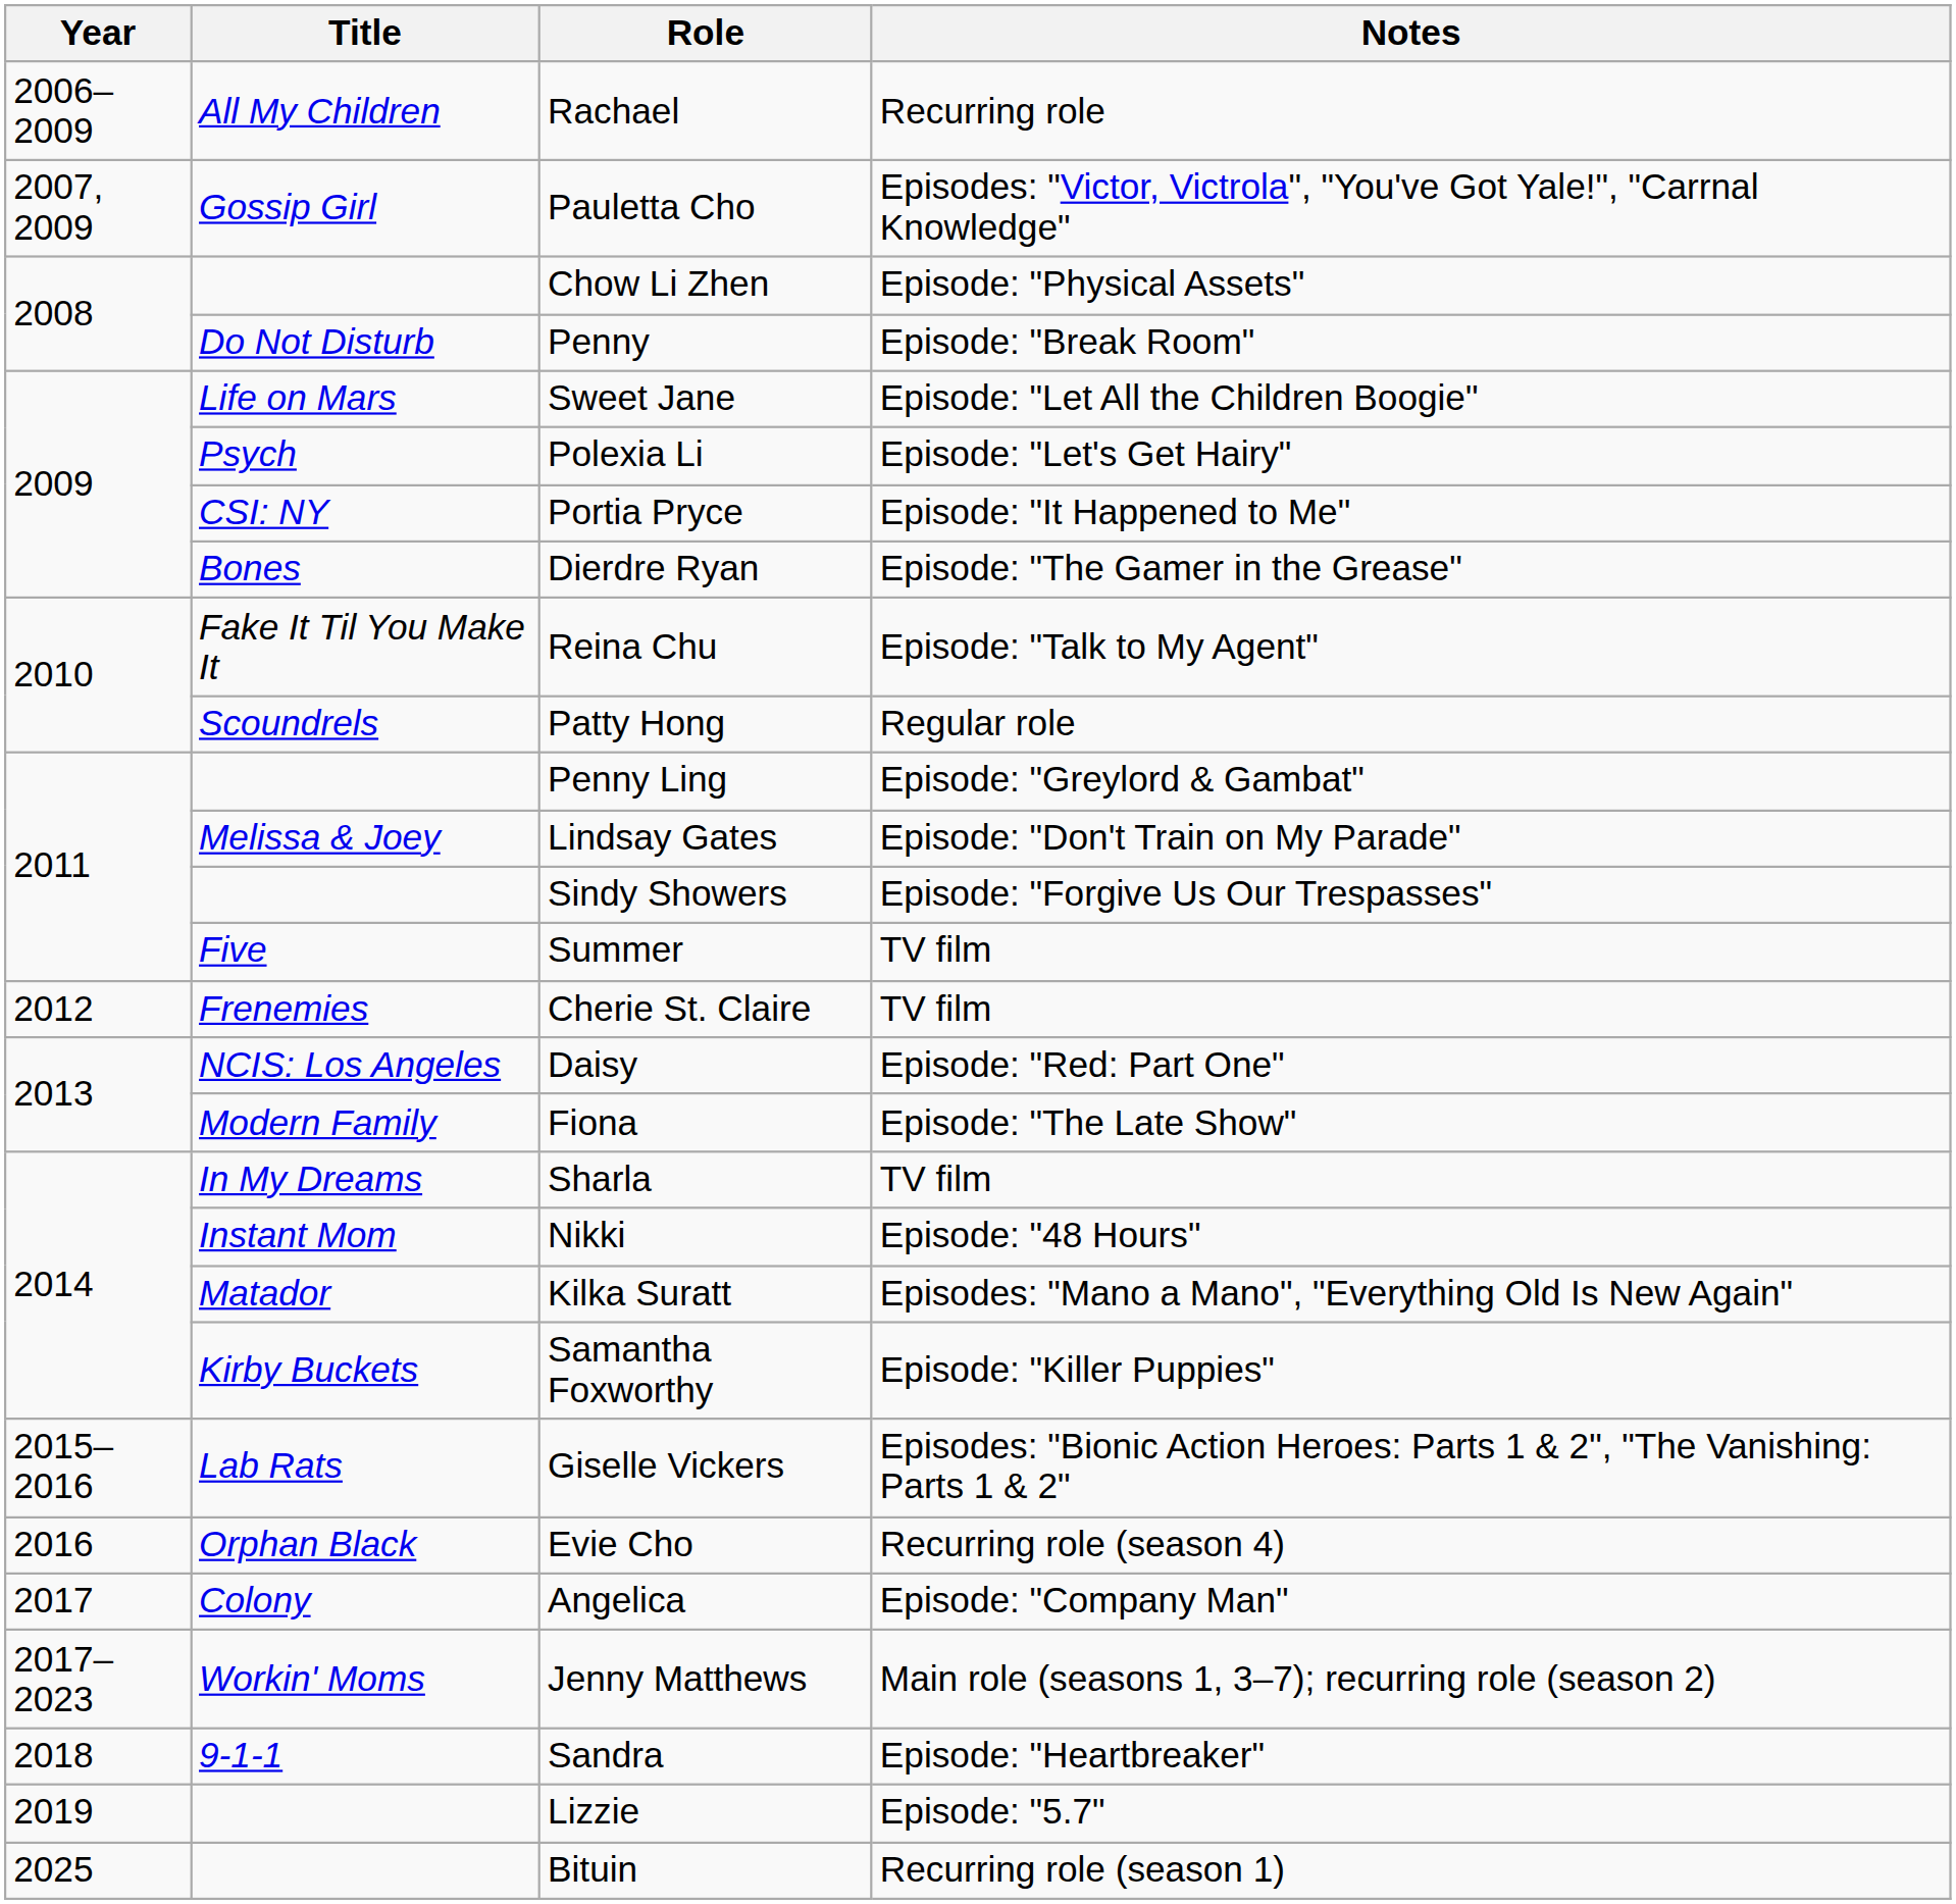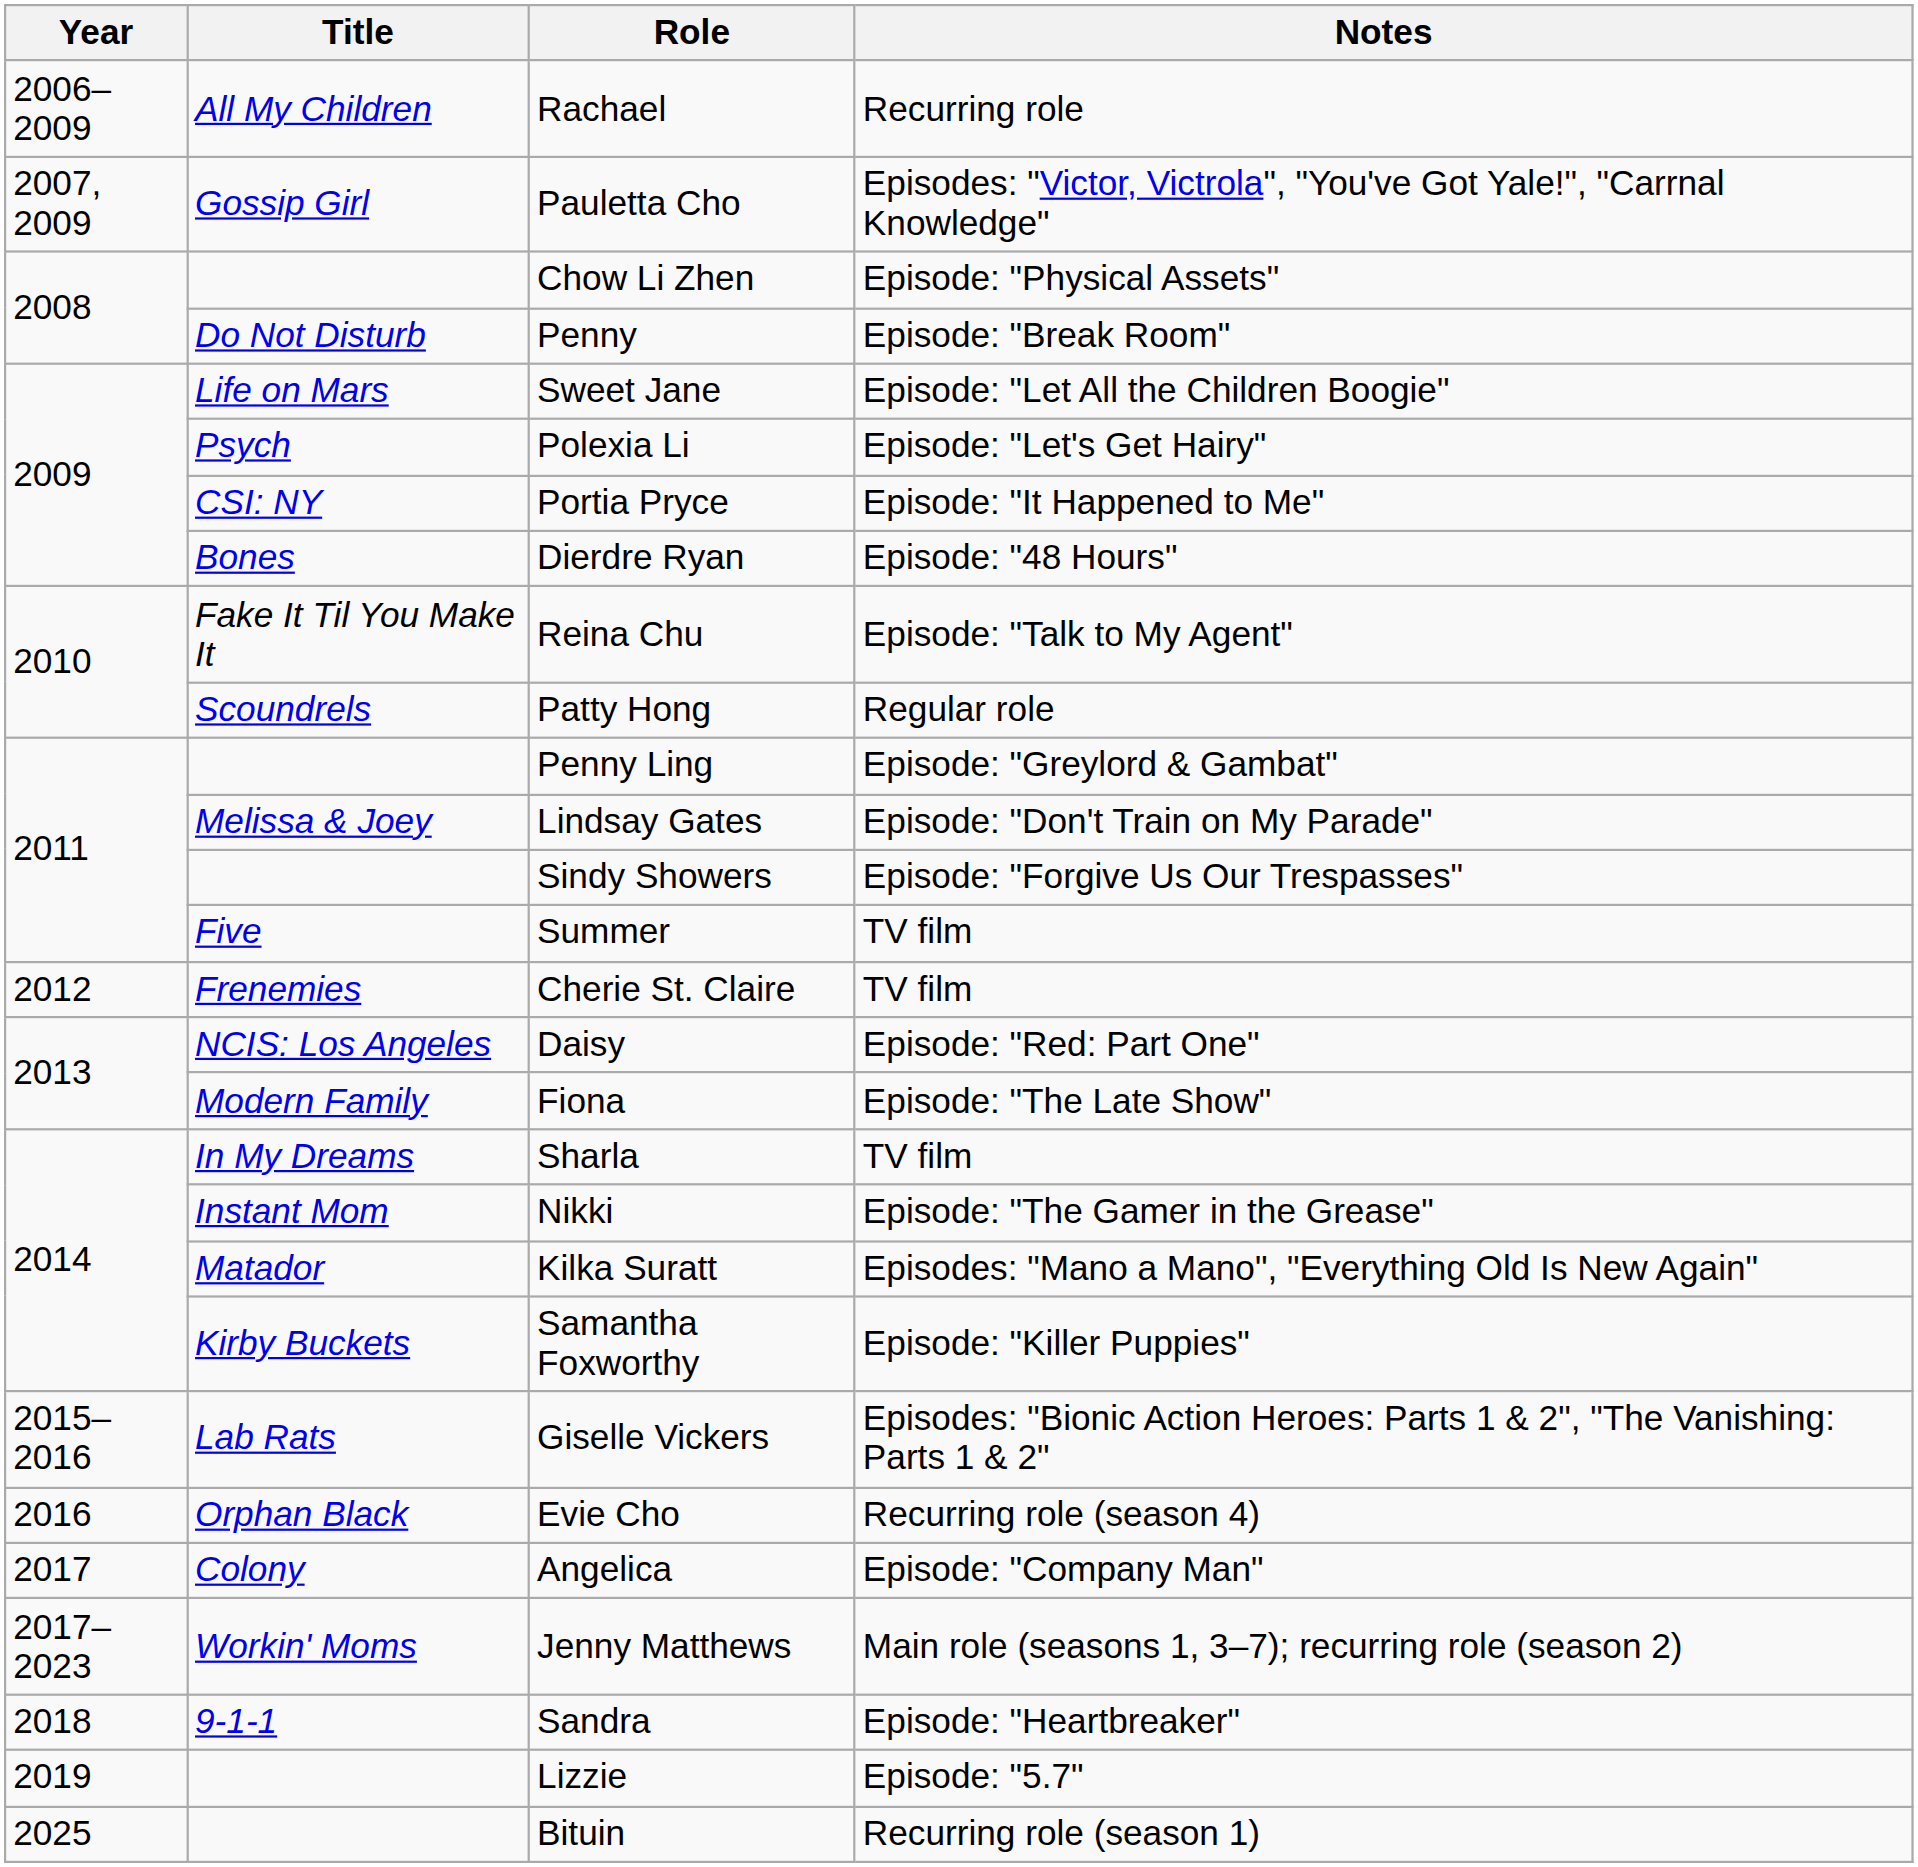 <table class="wikitable sortable">
 <tr>
 <th>Year</th>
 <th>Title</th>
 <th>Role</th>
 <th class="unsortable">Notes</th>
 </tr>
 <tr>
 <td>2006–2009</td>
 <td><em><a href='#'>All My Children</a></em></td>
 <td>Rachael</td>
 <td>Recurring role</td>
 </tr>
 <tr>
 <td>2007, 2009</td>
 <td><em><a href='#'>Gossip Girl</a></em></td>
 <td>Pauletta Cho</td>
 <td>Episodes: "<a href='#'>Victor, Victrola</a>", "You've Got Yale!", "Carrnal Knowledge"</td>
 </tr>
 <tr>
 <td rowspan="2">2008</td>
 <td><em></em></td>
 <td>Chow Li Zhen</td>
 <td>Episode: "Physical Assets"</td>
 </tr>
 <tr>
 <td><em><a href='#'>Do Not Disturb</a></em></td>
 <td>Penny</td>
 <td>Episode: "Break Room"</td>
 </tr>
 <tr>
 <td rowspan="4">2009</td>
 <td><em><a href='#'>Life on Mars</a></em></td>
 <td>Sweet Jane</td>
 <td>Episode: "Let All the Children Boogie"</td>
 </tr>
 <tr>
 <td><em><a href='#'>Psych</a></em></td>
 <td>Polexia Li</td>
 <td>Episode: "Let's Get Hairy"</td>
 </tr>
 <tr>
 <td><em><a href='#'>CSI: NY</a></em></td>
 <td>Portia Pryce</td>
 <td>Episode: "It Happened to Me"</td>
 </tr>
 <tr>
 <td><em><a href='#'>Bones</a></em></td>
 <td>Dierdre Ryan</td>
-<td>Episode: "The Gamer in the Grease"</td>
+<td>Episode: "48 Hours"</td>
 </tr>
 <tr>
 <td rowspan="2">2010</td>
 <td><em>Fake It Til You Make It</em></td>
 <td>Reina Chu</td>
 <td>Episode: "Talk to My Agent"</td>
 </tr>
 <tr>
 <td><em><a href='#'>Scoundrels</a></em></td>
 <td>Patty Hong</td>
 <td>Regular role</td>
 </tr>
 <tr>
 <td rowspan="4">2011</td>
 <td><em></em></td>
 <td>Penny Ling</td>
 <td>Episode: "Greylord & Gambat"</td>
 </tr>
 <tr>
 <td><em><a href='#'>Melissa & Joey</a></em></td>
 <td>Lindsay Gates</td>
 <td>Episode: "Don't Train on My Parade"</td>
 </tr>
 <tr>
 <td><em></em></td>
 <td>Sindy Showers</td>
 <td>Episode: "Forgive Us Our Trespasses"</td>
 </tr>
 <tr>
 <td><em><a href='#'>Five</a></em></td>
 <td>Summer</td>
 <td>TV film</td>
 </tr>
 <tr>
 <td>2012</td>
 <td><em><a href='#'>Frenemies</a></em></td>
 <td>Cherie St. Claire</td>
 <td>TV film</td>
 </tr>
 <tr>
 <td rowspan="2">2013</td>
 <td><em><a href='#'>NCIS: Los Angeles</a></em></td>
 <td>Daisy</td>
 <td>Episode: "Red: Part One"</td>
 </tr>
 <tr>
 <td><em><a href='#'>Modern Family</a></em></td>
 <td>Fiona</td>
 <td>Episode: "The Late Show"</td>
 </tr>
 <tr>
 <td rowspan="4">2014</td>
 <td><em><a href='#'>In My Dreams</a></em></td>
 <td>Sharla</td>
 <td>TV film</td>
 </tr>
 <tr>
 <td><em><a href='#'>Instant Mom</a></em></td>
 <td>Nikki</td>
-<td>Episode: "48 Hours"</td>
+<td>Episode: "The Gamer in the Grease"</td>
 </tr>
 <tr>
 <td><em><a href='#'>Matador</a></em></td>
 <td>Kilka Suratt</td>
 <td>Episodes: "Mano a Mano", "Everything Old Is New Again"</td>
 </tr>
 <tr>
 <td><em><a href='#'>Kirby Buckets</a></em></td>
 <td>Samantha Foxworthy</td>
 <td>Episode: "Killer Puppies"</td>
 </tr>
 <tr>
 <td>2015–2016</td>
 <td><em><a href='#'>Lab Rats</a></em></td>
 <td>Giselle Vickers</td>
 <td>Episodes: "Bionic Action Heroes: Parts 1 & 2", "The Vanishing: Parts 1 & 2"</td>
 </tr>
 <tr>
 <td>2016</td>
 <td><em><a href='#'>Orphan Black</a></em></td>
 <td>Evie Cho</td>
 <td>Recurring role (season 4)</td>
 </tr>
 <tr>
 <td>2017</td>
 <td><em><a href='#'>Colony</a></em></td>
 <td>Angelica</td>
 <td>Episode: "Company Man"</td>
 </tr>
 <tr>
 <td>2017–2023</td>
 <td><em><a href='#'>Workin' Moms</a></em></td>
 <td>Jenny Matthews</td>
 <td>Main role (seasons 1, 3–7); recurring role (season 2)</td>
 </tr>
 <tr>
 <td>2018</td>
 <td><em><a href='#'>9-1-1</a></em></td>
 <td>Sandra</td>
 <td>Episode: "Heartbreaker"</td>
 </tr>
 <tr>
 <td>2019</td>
 <td><em></em></td>
 <td>Lizzie</td>
 <td>Episode: "5.7"</td>
 </tr>
 <tr>
 <td>2025</td>
 <td><em></em></td>
 <td>Bituin</td>
 <td>Recurring role (season 1)</td>
 </tr>
 </table>
